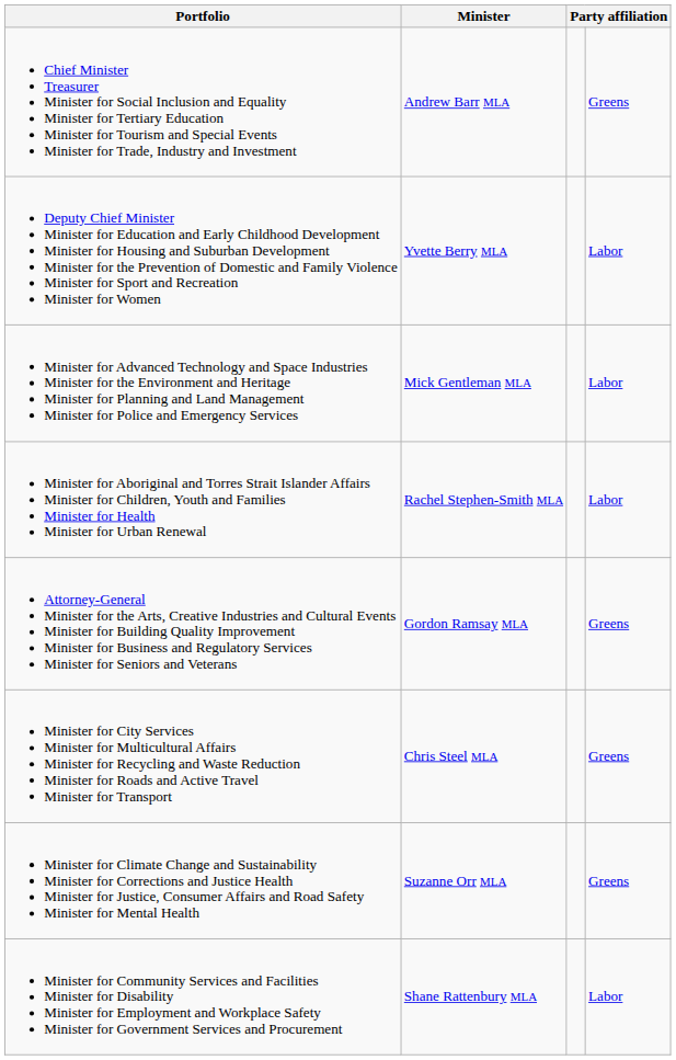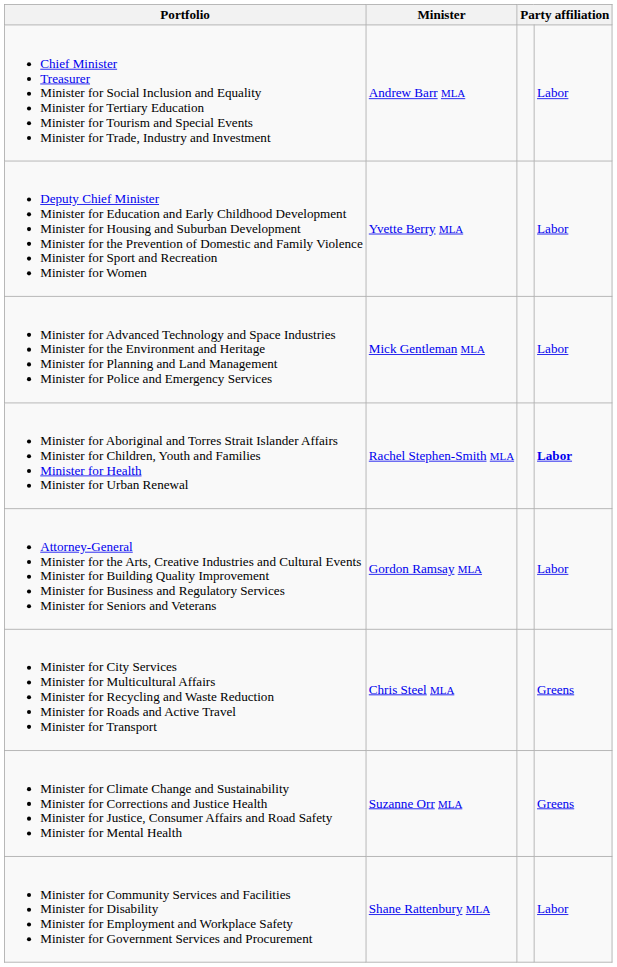 <table class="wikitable">
 <tr>
 <th>Portfolio</th>
 <th>Minister</th>
 <th colspan=2>Party affiliation</th>
 </tr>
 <tr>
 <td><br><ul><li><a href='#'>Chief Minister</a></li><li><a href='#'>Treasurer</a></li><li>Minister for Social Inclusion and Equality</li><li>Minister for Tertiary Education</li><li>Minister for Tourism and Special Events</li><li>Minister for Trade, Industry and Investment</li></ul></td>
 <td><a href='#'>Andrew Barr</a> <small><a href='#'>MLA</a></small></td>
 <td> </td>
-<td><a href='#'>Greens</a></td>
+<td><a href='#'>Labor</a></td>
 </tr>
 <tr>
 <td><br><ul><li><a href='#'>Deputy Chief Minister</a></li><li>Minister for Education and Early Childhood Development</li><li>Minister for Housing and Suburban Development</li><li>Minister for the Prevention of Domestic and Family Violence</li><li>Minister for Sport and Recreation</li><li>Minister for Women</li></ul></td>
 <td><a href='#'>Yvette Berry</a> <small><a href='#'>MLA</a></small></td>
 <td> </td>
 <td><a href='#'>Labor</a></td>
 </tr>
 <tr>
 <td><br><ul><li>Minister for Advanced Technology and Space Industries</li><li>Minister for the Environment and Heritage</li><li>Minister for Planning and Land Management</li><li>Minister for Police and Emergency Services</li></ul></td>
 <td><a href='#'>Mick Gentleman</a> <small><a href='#'>MLA</a></small></td>
 <td> </td>
 <td><a href='#'>Labor</a></td>
 </tr>
 <tr>
 <td><br><ul><li>Minister for Aboriginal and Torres Strait Islander Affairs</li><li>Minister for Children, Youth and Families</li><li><a href='#'>Minister for Health</a></li><li>Minister for Urban Renewal</li></ul></td>
 <td><a href='#'>Rachel Stephen-Smith</a> <small><a href='#'>MLA</a></small></td>
 <td> </td>
-<td><a href='#'>Labor</a></td>
+<td><strong><a href='#'>Labor</a></strong></td>
 </tr>
 <tr>
 <td><br><ul><li><a href='#'>Attorney-General</a></li><li>Minister for the Arts, Creative Industries and Cultural Events</li><li>Minister for Building Quality Improvement</li><li>Minister for Business and Regulatory Services</li><li>Minister for Seniors and Veterans</li></ul></td>
 <td><a href='#'>Gordon Ramsay</a> <small><a href='#'>MLA</a></small></td>
 <td> </td>
-<td><a href='#'>Greens</a></td>
+<td><a href='#'>Labor</a></td>
 </tr>
 <tr>
 <td><br><ul><li>Minister for City Services</li><li>Minister for Multicultural Affairs</li><li>Minister for Recycling and Waste Reduction</li><li>Minister for Roads and Active Travel</li><li>Minister for Transport</li></ul></td>
 <td><a href='#'>Chris Steel</a> <small><a href='#'>MLA</a></small></td>
 <td> </td>
 <td><a href='#'>Greens</a></td>
 </tr>
 <tr>
 <td><br><ul><li>Minister for Climate Change and Sustainability</li><li>Minister for Corrections and Justice Health</li><li>Minister for Justice, Consumer Affairs and Road Safety</li><li>Minister for Mental Health</li></ul></td>
 <td><a href='#'>Suzanne Orr</a> <small><a href='#'>MLA</a></small></td>
 <td> </td>
 <td><a href='#'>Greens</a></td>
 </tr>
 <tr>
 <td><br><ul><li>Minister for Community Services and Facilities</li><li>Minister for Disability</li><li>Minister for Employment and Workplace Safety</li><li>Minister for Government Services and Procurement</li></ul></td>
 <td><a href='#'>Shane Rattenbury</a> <small><a href='#'>MLA</a></small></td>
 <td> </td>
 <td><a href='#'>Labor</a></td>
 </tr>
 </table>
